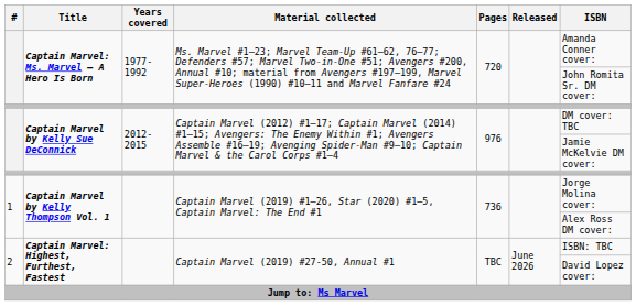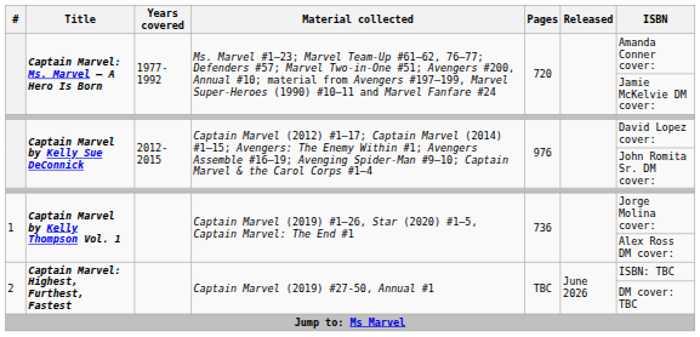 <table class="wikitable sortable" width="99%">
 <tr>
 <th class="unsortable" width="20px">#</th>
 <th>Title</th>
 <th>Years covered</th>
 <th class="unsortable">Material collected</th>
 <th>Pages</th>
 <th>Released</th>
 <th class="unsortable">ISBN</th>
 </tr>
 <tr>
 <th rowspan="2" style="background-color: light grey;"></th>
 <td rowspan="2"><strong><em>Captain Marvel: <a href='#'>Ms. Marvel</a> – A Hero Is Born</em></strong></td>
 <td rowspan="2">1977-1992</td>
 <td rowspan="2"><em>Ms. Marvel</em> #1–23; <em>Marvel Team-Up</em> #61–62, 76–77; <em>Defenders</em> #57; <em>Marvel Two-in-One</em> #51; <em>Avengers</em> #200, <em>Annual</em> #10; material from <em>Avengers</em> #197–199, <em>Marvel Super-Heroes</em> (1990) #10–11 and <em>Marvel Fanfare</em> #24</td>
 <td rowspan="2" style="text-align: center;">720</td>
 <td rowspan="2"></td>
 <td>Amanda Conner cover: </td>
 </tr>
 <tr>
-<td>John Romita Sr. DM cover: </td>
+<td>Jamie McKelvie DM cover: </td>
 </tr>
 <tr>
 <th colspan="7" style="background-color: silver;"></th>
 </tr>
 <tr>
 <th rowspan="2" style="background-color: light grey;"></th>
 <td rowspan="2"><strong><em>Captain Marvel by <a href='#'>Kelly Sue DeConnick</a></em></strong></td>
 <td rowspan="2">2012-2015</td>
 <td rowspan="2"><em>Captain Marvel</em> (2012) #1–17; <em>Captain Marvel</em> (2014) #1–15; <em>Avengers: The Enemy Within</em> #1; <em>Avengers Assemble</em> #16–19; <em>Avenging Spider-Man</em> #9–10; <em>Captain Marvel & the Carol Corps</em> #1–4</td>
 <td rowspan="2" style="text-align: center;">976</td>
 <td rowspan="2"></td>
-<td>DM cover: TBC</td>
+<td>David Lopez cover: </td>
 </tr>
 <tr>
-<td>Jamie McKelvie DM cover: </td>
+<td>John Romita Sr. DM cover: </td>
 </tr>
 <tr>
 <th colspan="7" style="background-color: silver;"></th>
 </tr>
 <tr>
 <td rowspan="2">1</td>
 <td rowspan="2"><strong><em>Captain Marvel by <a href='#'>Kelly Thompson</a> Vol. 1</em></strong></td>
 <td rowspan="2"></td>
 <td rowspan="2"><em>Captain Marvel</em> (2019) #1–26, <em>Star</em> (2020) #1–5, <em>Captain Marvel: The End</em> #1</td>
 <td rowspan="2" style="text-align: center;">736</td>
 <td rowspan="2"></td>
 <td>Jorge Molina cover: </td>
 </tr>
 <tr>
 <td>Alex Ross DM cover: </td>
 </tr>
 <tr>
 <td rowspan="2">2</td>
 <td rowspan="2"><strong><em>Captain Marvel: Highest, Furthest, Fastest</em></strong></td>
 <td rowspan="2"></td>
 <td rowspan="2"><em>Captain Marvel</em> (2019) #27-50, <em>Annual</em> #1</td>
 <td rowspan="2" style="text-align: center;">TBC</td>
 <td rowspan="2">June 2026</td>
 <td>ISBN: TBC</td>
 </tr>
 <tr>
-<td>David Lopez cover: </td>
+<td>DM cover: TBC</td>
 </tr>
 <tr>
 <th colspan="7" style="background-color: silver;">Jump to: <a href='#'>Ms Marvel</a></th>
 </tr>
 </table>
